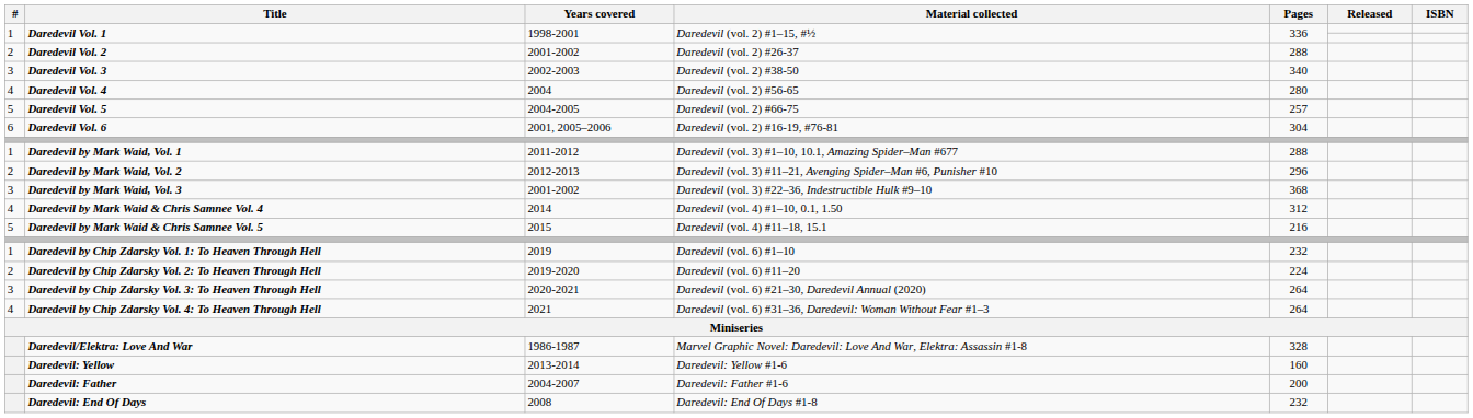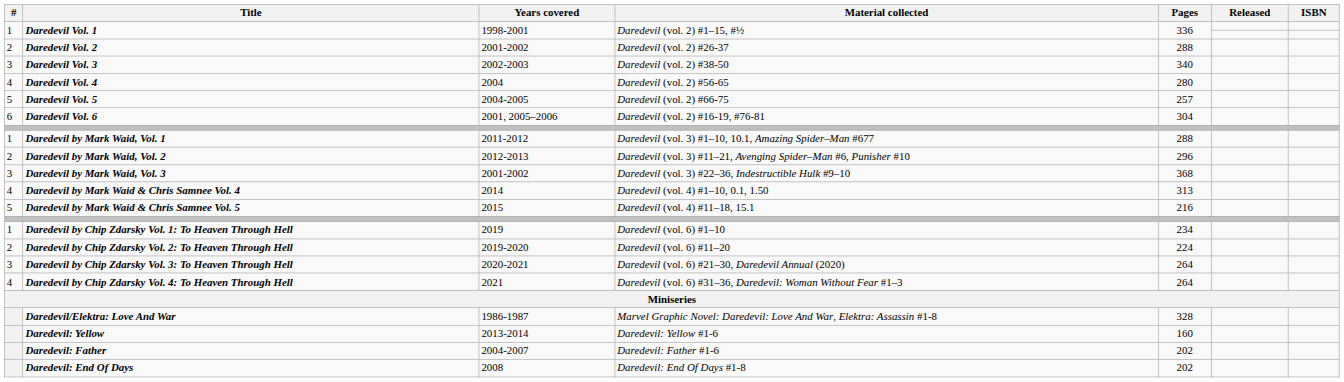 <table class="wikitable sortable" width=99%>
 <tr>
 <th class="unsortable" width=20px>#</th>
 <th>Title</th>
 <th>Years covered</th>
 <th class="unsortable">Material collected</th>
 <th>Pages</th>
 <th>Released</th>
 <th class="unsortable">ISBN</th>
 </tr>
 <tr>
 <td rowspan=2>1</td>
 <td rowspan=2><strong><em>Daredevil Vol. 1</em></strong></td>
 <td rowspan=2>1998-2001</td>
 <td rowspan=2><em>Daredevil</em> (vol. 2) #1–15, #½</td>
 <td style="text-align: center;" rowspan=2>336</td>
 <td></td>
 <td></td>
 </tr>
 <tr>
 <td></td>
 <td></td>
 </tr>
 <tr>
 <td>2</td>
 <td><strong><em>Daredevil Vol. 2</em></strong></td>
 <td>2001-2002</td>
 <td><em>Daredevil</em> (vol. 2) #26-37</td>
 <td style="text-align: center;">288</td>
 <td></td>
 <td></td>
 </tr>
 <tr>
 <td>3</td>
 <td><strong><em>Daredevil Vol. 3</em></strong></td>
 <td>2002-2003</td>
 <td><em>Daredevil</em> (vol. 2) #38-50</td>
 <td style="text-align: center;">340</td>
 <td></td>
 <td></td>
 </tr>
 <tr>
 <td>4</td>
 <td><strong><em>Daredevil Vol. 4</em></strong></td>
 <td>2004</td>
 <td><em>Daredevil</em> (vol. 2) #56-65</td>
 <td style="text-align: center;">280</td>
 <td></td>
 <td></td>
 </tr>
 <tr>
 <td>5</td>
 <td><strong><em>Daredevil Vol. 5</em></strong></td>
 <td>2004-2005</td>
 <td><em>Daredevil</em> (vol. 2) #66-75</td>
 <td style="text-align: center;">257</td>
 <td></td>
 <td></td>
 </tr>
 <tr>
 <td>6</td>
 <td><strong><em>Daredevil Vol. 6</em></strong></td>
 <td>2001, 2005–2006</td>
 <td><em>Daredevil</em> (vol. 2) #16-19, #76-81</td>
 <td style="text-align: center;">304</td>
 <td></td>
 <td></td>
 </tr>
 <tr>
 <th colspan=7 style="background-color: silver;"></th>
 </tr>
 <tr>
 <td>1</td>
 <td><strong><em>Daredevil by Mark Waid, Vol. 1</em></strong></td>
 <td>2011-2012</td>
 <td><em>Daredevil</em> (vol. 3) #1–10, 10.1, <em>Amazing Spider–Man</em> #677</td>
 <td style="text-align: center;">288</td>
 <td></td>
 <td></td>
 </tr>
 <tr>
 <td>2</td>
 <td><strong><em>Daredevil by Mark Waid, Vol. 2</em></strong></td>
 <td>2012-2013</td>
 <td><em>Daredevil</em> (vol. 3) #11–21, <em>Avenging Spider–Man</em> #6, <em>Punisher</em> #10</td>
 <td style="text-align: center;">296</td>
 <td></td>
 <td></td>
 </tr>
 <tr>
 <td>3</td>
 <td><strong><em>Daredevil by Mark Waid, Vol. 3</em></strong></td>
 <td>2001-2002</td>
 <td><em>Daredevil</em> (vol. 3) #22–36, <em>Indestructible Hulk</em> #9–10</td>
 <td style="text-align: center;">368</td>
 <td></td>
 <td></td>
 </tr>
 <tr>
 <td>4</td>
 <td><strong><em>Daredevil by Mark Waid & Chris Samnee Vol. 4</em></strong></td>
 <td>2014</td>
 <td><em>Daredevil</em> (vol. 4) #1–10, 0.1, 1.50</td>
-<td style="text-align: center;">312</td>
+<td style="text-align: center;">313</td>
 <td></td>
 <td {{nowrap></td>
 </tr>
 <tr>
 <td>5</td>
 <td><strong><em>Daredevil by Mark Waid & Chris Samnee Vol. 5</em></strong></td>
 <td>2015</td>
 <td><em>Daredevil</em> (vol. 4) #11–18, 15.1</td>
 <td style="text-align: center;">216</td>
 <td></td>
 <td {{nowrap></td>
 </tr>
 <tr>
 <th colspan=7 style="background-color: silver;"></th>
 </tr>
 <tr>
 <td>1</td>
 <td><strong><em>Daredevil by Chip Zdarsky Vol. 1: To Heaven Through Hell</em></strong></td>
 <td>2019</td>
 <td><em>Daredevil</em> (vol. 6) #1–10</td>
-<td style="text-align: center;">232</td>
+<td style="text-align: center;">234</td>
 <td></td>
 <td></td>
 </tr>
 <tr>
 <td>2</td>
 <td><strong><em>Daredevil by Chip Zdarsky Vol. 2: To Heaven Through Hell</em></strong></td>
 <td>2019-2020</td>
 <td><em>Daredevil</em> (vol. 6) #11–20</td>
 <td style="text-align: center;">224</td>
 <td></td>
 <td></td>
 </tr>
 <tr>
 <td>3</td>
 <td><strong><em>Daredevil by Chip Zdarsky Vol. 3: To Heaven Through Hell</em></strong></td>
 <td>2020-2021</td>
 <td><em>Daredevil</em> (vol. 6) #21–30, <em>Daredevil Annual</em> (2020)</td>
 <td style="text-align: center;">264</td>
 <td></td>
 <td></td>
 </tr>
 <tr>
 <td>4</td>
 <td><strong><em>Daredevil by Chip Zdarsky Vol. 4: To Heaven Through Hell</em></strong></td>
 <td>2021</td>
 <td><em>Daredevil</em> (vol. 6) #31–36, <em>Daredevil: Woman Without Fear</em> #1–3</td>
 <td style="text-align: center;">264</td>
 <td></td>
 <td></td>
 </tr>
 <tr>
 <th colspan=7 style="background-color: light grey;"><strong>Miniseries</strong></th>
 </tr>
 <tr>
 <th style="background-color: light grey;"></th>
 <td><strong><em>Daredevil/Elektra: Love And War</em></strong></td>
 <td>1986-1987</td>
 <td><em>Marvel Graphic Novel: Daredevil: Love And War</em>, <em>Elektra: Assassin</em> #1-8</td>
 <td style="text-align: center;">328</td>
 <td></td>
 <td></td>
 </tr>
 <tr>
 <th style="background-color: light grey;"></th>
 <td><strong><em>Daredevil: Yellow</em></strong></td>
 <td>2013-2014</td>
 <td><em>Daredevil: Yellow</em> #1-6</td>
 <td style="text-align: center;">160</td>
 <td></td>
 <td></td>
 </tr>
 <tr>
 <th style="background-color: light grey;"></th>
 <td><strong><em>Daredevil: Father</em></strong></td>
 <td>2004-2007</td>
 <td><em>Daredevil: Father</em> #1-6</td>
-<td style="text-align: center;">200</td>
+<td style="text-align: center;">202</td>
 <td></td>
 <td></td>
 </tr>
 <tr>
 <th style="background-color: light grey;"></th>
 <td><strong><em>Daredevil: End Of Days</em></strong></td>
 <td>2008</td>
 <td><em>Daredevil: End Of Days</em> #1-8</td>
-<td style="text-align: center;">232</td>
+<td style="text-align: center;">202</td>
 <td></td>
 <td></td>
 </tr>
 </table>
